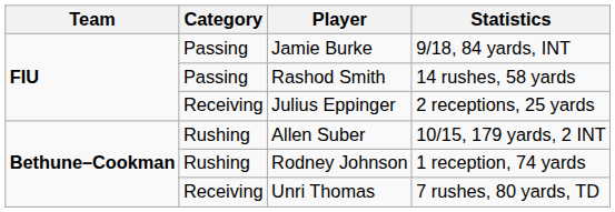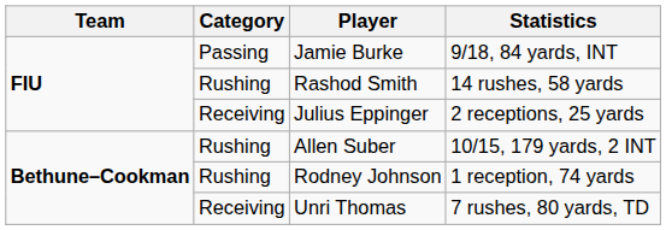 <table class="wikitable" style="float: right;">
 <tr>
 <th>Team</th>
 <th>Category</th>
 <th>Player</th>
 <th>Statistics</th>
 </tr>
 <tr>
 <td rowspan=3><strong>FIU</strong></td>
 <td>Passing</td>
 <td>Jamie Burke</td>
 <td>9/18, 84 yards, INT</td>
 </tr>
 <tr>
-<td>Passing</td>
+<td>Rushing</td>
 <td>Rashod Smith</td>
 <td>14 rushes, 58 yards</td>
 </tr>
 <tr>
 <td>Receiving</td>
 <td>Julius Eppinger</td>
 <td>2 receptions, 25 yards</td>
 </tr>
 <tr>
 <td rowspan=3><strong>Bethune–Cookman</strong></td>
 <td>Rushing</td>
 <td>Allen Suber</td>
 <td>10/15, 179 yards, 2 INT</td>
 </tr>
 <tr>
 <td>Rushing</td>
 <td>Rodney Johnson</td>
 <td>1 reception, 74 yards</td>
 </tr>
 <tr>
 <td>Receiving</td>
 <td>Unri Thomas</td>
 <td>7 rushes, 80 yards, TD</td>
 </tr>
 </table>
